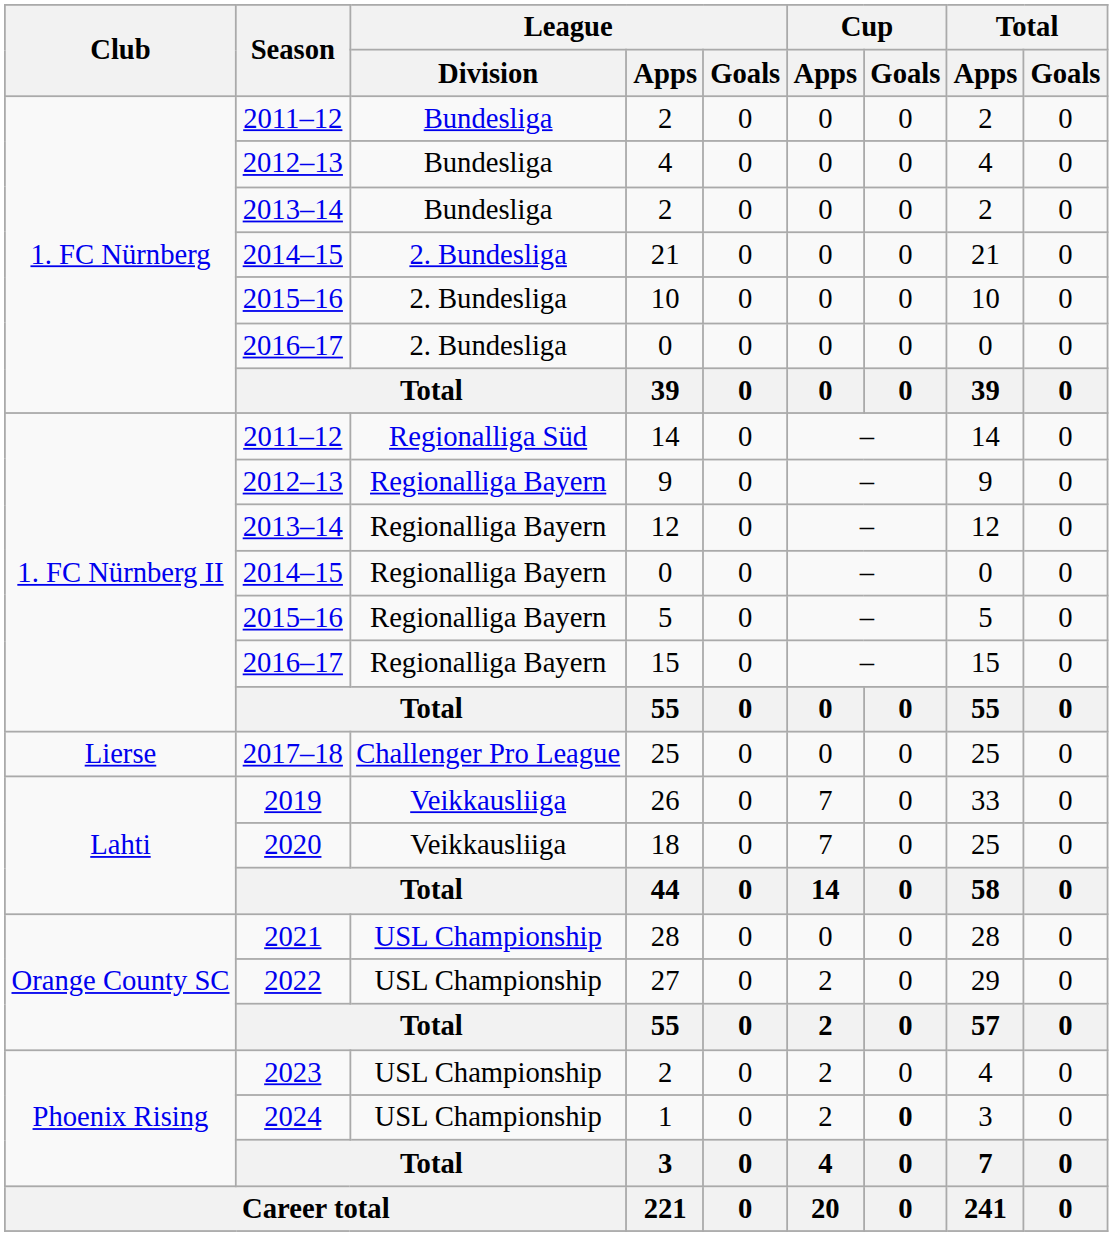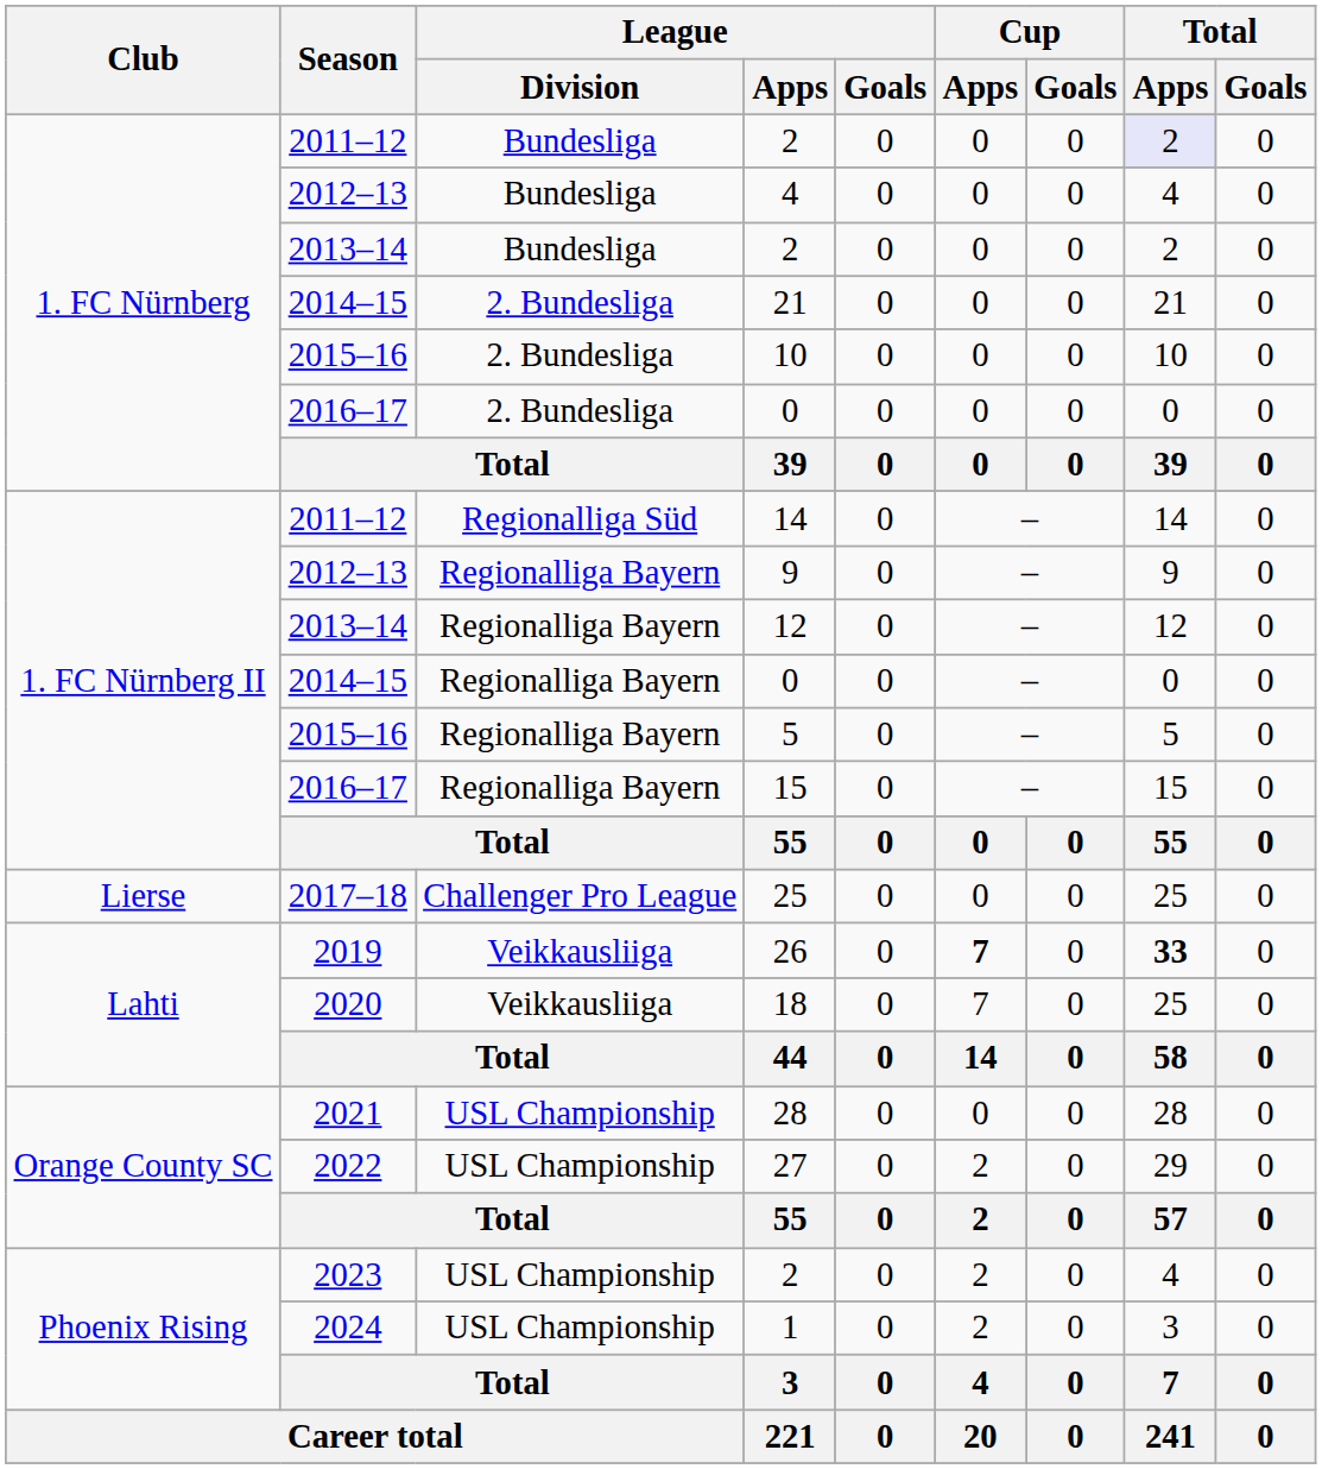 <table class="wikitable" style="text-align:center">
 <tr>
 <th rowspan="2">Club</th>
 <th rowspan="2">Season</th>
 <th colspan="3">League</th>
 <th colspan="2">Cup</th>
 <th colspan="2">Total</th>
 </tr>
 <tr>
 <th>Division</th>
 <th>Apps</th>
 <th>Goals</th>
 <th>Apps</th>
 <th>Goals</th>
 <th>Apps</th>
 <th>Goals</th>
 </tr>
 <tr>
 <td rowspan=7><a href='#'>1. FC Nürnberg</a></td>
 <td><a href='#'>2011–12</a></td>
 <td><a href='#'>Bundesliga</a></td>
 <td>2</td>
 <td>0</td>
 <td>0</td>
 <td>0</td>
-<td>2</td>
+<td style="background: lavender;">2</td>
 <td>0</td>
 </tr>
 <tr>
 <td><a href='#'>2012–13</a></td>
 <td>Bundesliga</td>
 <td>4</td>
 <td>0</td>
 <td>0</td>
 <td>0</td>
 <td>4</td>
 <td>0</td>
 </tr>
 <tr>
 <td><a href='#'>2013–14</a></td>
 <td>Bundesliga</td>
 <td>2</td>
 <td>0</td>
 <td>0</td>
 <td>0</td>
 <td>2</td>
 <td>0</td>
 </tr>
 <tr>
 <td><a href='#'>2014–15</a></td>
 <td><a href='#'>2. Bundesliga</a></td>
 <td>21</td>
 <td>0</td>
 <td>0</td>
 <td>0</td>
 <td>21</td>
 <td>0</td>
 </tr>
 <tr>
 <td><a href='#'>2015–16</a></td>
 <td>2. Bundesliga</td>
 <td>10</td>
 <td>0</td>
 <td>0</td>
 <td>0</td>
 <td>10</td>
 <td>0</td>
 </tr>
 <tr>
 <td><a href='#'>2016–17</a></td>
 <td>2. Bundesliga</td>
 <td>0</td>
 <td>0</td>
 <td>0</td>
 <td>0</td>
 <td>0</td>
 <td>0</td>
 </tr>
 <tr>
 <th colspan=2>Total</th>
 <th>39</th>
 <th>0</th>
 <th>0</th>
 <th>0</th>
 <th>39</th>
 <th>0</th>
 </tr>
 <tr>
 <td rowspan=7><a href='#'>1. FC Nürnberg II</a></td>
 <td><a href='#'>2011–12</a></td>
 <td><a href='#'>Regionalliga Süd</a></td>
 <td>14</td>
 <td>0</td>
 <td colspan=2>–</td>
 <td>14</td>
 <td>0</td>
 </tr>
 <tr>
 <td><a href='#'>2012–13</a></td>
 <td><a href='#'>Regionalliga Bayern</a></td>
 <td>9</td>
 <td>0</td>
 <td colspan=2>–</td>
 <td>9</td>
 <td>0</td>
 </tr>
 <tr>
 <td><a href='#'>2013–14</a></td>
 <td>Regionalliga Bayern</td>
 <td>12</td>
 <td>0</td>
 <td colspan=2>–</td>
 <td>12</td>
 <td>0</td>
 </tr>
 <tr>
 <td><a href='#'>2014–15</a></td>
 <td>Regionalliga Bayern</td>
 <td>0</td>
 <td>0</td>
 <td colspan=2>–</td>
 <td>0</td>
 <td>0</td>
 </tr>
 <tr>
 <td><a href='#'>2015–16</a></td>
 <td>Regionalliga Bayern</td>
 <td>5</td>
 <td>0</td>
 <td colspan=2>–</td>
 <td>5</td>
 <td>0</td>
 </tr>
 <tr>
 <td><a href='#'>2016–17</a></td>
 <td>Regionalliga Bayern</td>
 <td>15</td>
 <td>0</td>
 <td colspan=2>–</td>
 <td>15</td>
 <td>0</td>
 </tr>
 <tr>
 <th colspan=2>Total</th>
 <th>55</th>
 <th>0</th>
 <th>0</th>
 <th>0</th>
 <th>55</th>
 <th>0</th>
 </tr>
 <tr>
 <td><a href='#'>Lierse</a></td>
 <td><a href='#'>2017–18</a></td>
 <td><a href='#'>Challenger Pro League</a></td>
 <td>25</td>
 <td>0</td>
 <td>0</td>
 <td>0</td>
 <td>25</td>
 <td>0</td>
 </tr>
 <tr>
 <td rowspan=3><a href='#'>Lahti</a></td>
 <td><a href='#'>2019</a></td>
 <td><a href='#'>Veikkausliiga</a></td>
 <td>26</td>
 <td>0</td>
-<td>7</td>
+<td><strong>7</strong></td>
 <td>0</td>
-<td>33</td>
+<td><strong>33</strong></td>
 <td>0</td>
 </tr>
 <tr>
 <td><a href='#'>2020</a></td>
 <td>Veikkausliiga</td>
 <td>18</td>
 <td>0</td>
 <td>7</td>
 <td>0</td>
 <td>25</td>
 <td>0</td>
 </tr>
 <tr>
 <th colspan=2>Total</th>
 <th>44</th>
 <th>0</th>
 <th>14</th>
 <th>0</th>
 <th>58</th>
 <th>0</th>
 </tr>
 <tr>
 <td rowspan=3><a href='#'>Orange County SC</a></td>
 <td><a href='#'>2021</a></td>
 <td><a href='#'>USL Championship</a></td>
 <td>28</td>
 <td>0</td>
 <td>0</td>
 <td>0</td>
 <td>28</td>
 <td>0</td>
 </tr>
 <tr>
 <td><a href='#'>2022</a></td>
 <td>USL Championship</td>
 <td>27</td>
 <td>0</td>
 <td>2</td>
 <td>0</td>
 <td>29</td>
 <td>0</td>
 </tr>
 <tr>
 <th colspan=2>Total</th>
 <th>55</th>
 <th>0</th>
 <th>2</th>
 <th>0</th>
 <th>57</th>
 <th>0</th>
 </tr>
 <tr>
 <td rowspan=3><a href='#'>Phoenix Rising</a></td>
 <td><a href='#'>2023</a></td>
 <td>USL Championship</td>
 <td>2</td>
 <td>0</td>
 <td>2</td>
 <td>0</td>
 <td>4</td>
 <td>0</td>
 </tr>
 <tr>
 <td><a href='#'>2024</a></td>
 <td>USL Championship</td>
 <td>1</td>
 <td>0</td>
 <td>2</td>
-<td><strong>0</strong></td>
+<td>0</td>
 <td>3</td>
 <td>0</td>
 </tr>
 <tr>
 <th colspan=2>Total</th>
 <th>3</th>
 <th>0</th>
 <th>4</th>
 <th>0</th>
 <th>7</th>
 <th>0</th>
 </tr>
 <tr>
 <th colspan="3">Career total</th>
 <th>221</th>
 <th>0</th>
 <th>20</th>
 <th>0</th>
 <th>241</th>
 <th>0</th>
 </tr>
 </table>
